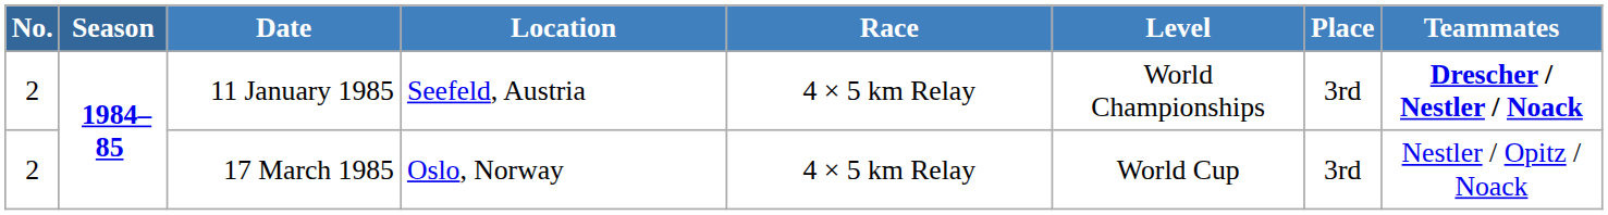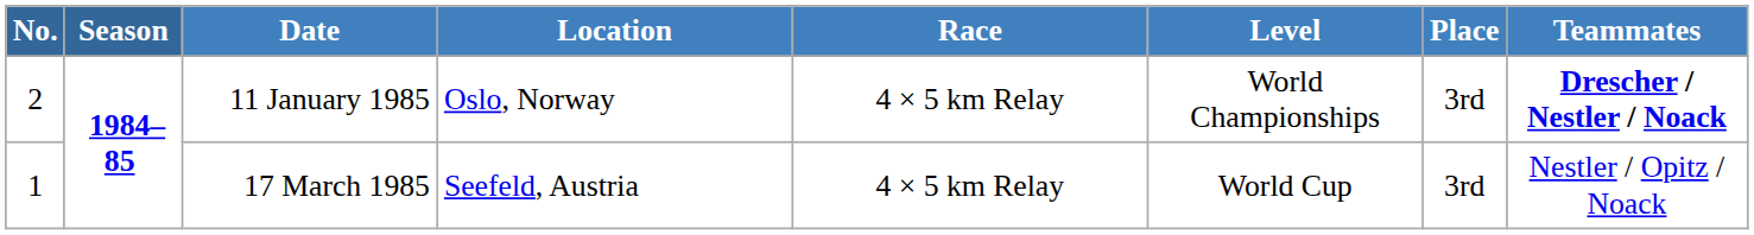 <table class="wikitable sortable" style="font-size:95%; text-align:center; border:grey solid 1px; border-collapse:collapse; background:#ffffff;">
 <tr style="background:#efefef;">
 <th style="background-color:#369; color:white;">No.</th>
 <th style="background-color:#369; color:white;">Season</th>
 <th style="background-color:#4180be; color:white; width:120px;">Date</th>
 <th style="background-color:#4180be; color:white; width:170px;">Location</th>
 <th style="background-color:#4180be; color:white; width:170px;">Race</th>
 <th style="background-color:#4180be; color:white; width:130px;">Level</th>
 <th style="background-color:#4180be; color:white;">Place</th>
 <th style="background-color:#4180be; color:white;">Teammates</th>
 </tr>
 <tr>
 <td align=center>2</td>
 <td rowspan=2 align=center><strong> <a href='#'>1984–85</a> </strong></td>
 <td align=right>11 January 1985</td>
-<td align=left> <a href='#'>Seefeld</a>, Austria</td>
+<td align=left> <a href='#'>Oslo</a>, Norway</td>
 <td>4 × 5 km Relay</td>
 <td>World Championships</td>
 <td>3rd</td>
 <td><strong><a href='#'>Drescher</a> / <a href='#'>Nestler</a> / <a href='#'>Noack</a></strong></td>
 </tr>
 <tr>
-<td align=center>2</td>
+<td align=center>1</td>
 <td align=right>17 March 1985</td>
-<td align=left> <a href='#'>Oslo</a>, Norway</td>
+<td align=left> <a href='#'>Seefeld</a>, Austria</td>
 <td>4 × 5 km Relay</td>
 <td>World Cup</td>
 <td>3rd</td>
 <td><a href='#'>Nestler</a> / <a href='#'>Opitz</a> / <a href='#'>Noack</a></td>
 </tr>
 </table>
